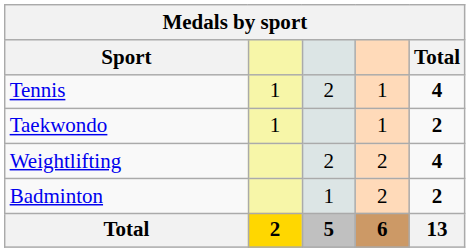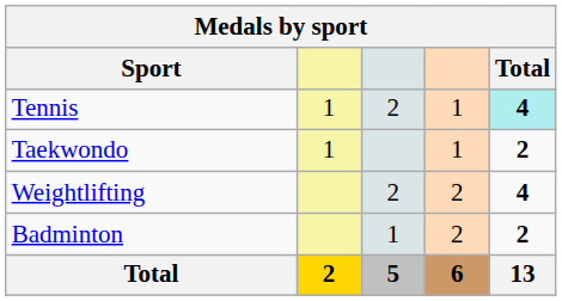 <table class="wikitable" style="font-size:90%; text-align:center;">
 <tr>
 <th colspan=5>Medals by sport</th>
 </tr>
 <tr>
 <th width=160>Sport</th>
 <th scope="col" width=30 style="background:#F7F6A8;"></th>
 <th scope="col" width=30 style="background:#DCE5E5;"></th>
 <th scope="col" width=30 style="background:#FFDAB9;"></th>
 <th width=30>Total</th>
 </tr>
 <tr>
 <td align=left> <a href='#'>Tennis</a></td>
 <td style="background:#F7F6A8;">1</td>
 <td style="background:#DCE5E5;">2</td>
 <td style="background:#FFDAB9;">1</td>
-<td><strong>4</strong></td>
+<td style="background: paleturquoise;"><strong>4</strong></td>
 </tr>
 <tr>
 <td align=left> <a href='#'>Taekwondo</a></td>
 <td style="background:#F7F6A8;">1</td>
 <td style="background:#DCE5E5;"></td>
 <td style="background:#FFDAB9;">1</td>
 <td><strong>2</strong></td>
 </tr>
 <tr>
 <td align=left> <a href='#'>Weightlifting</a></td>
 <td style="background:#F7F6A8;"></td>
 <td style="background:#DCE5E5;">2</td>
 <td style="background:#FFDAB9;">2</td>
 <td><strong>4</strong></td>
 </tr>
 <tr>
 <td align=left> <a href='#'>Badminton</a></td>
 <td style="background:#F7F6A8;"></td>
 <td style="background:#DCE5E5;">1</td>
 <td style="background:#FFDAB9;">2</td>
 <td><strong>2</strong></td>
 </tr>
 <tr align=center>
 <th>Total</th>
 <th style="background:gold">2</th>
 <th style="background:silver">5</th>
 <th style="background:#c96">6</th>
 <th>13</th>
 </tr>
 </table>
